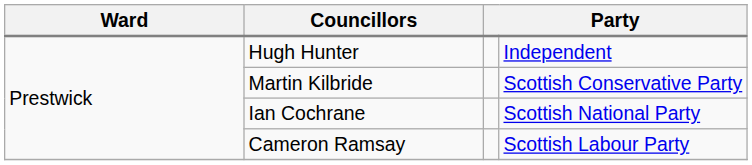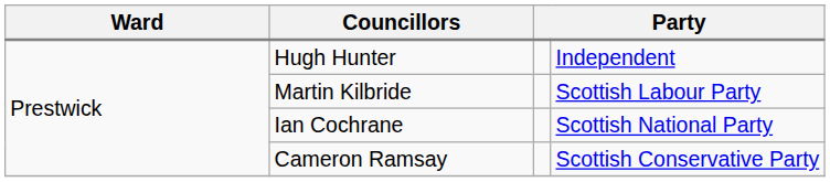 <table class="wikitable" style="font-size: 95%;">
 <tr style="background-color:#E9E9E9; border-bottom: 2px solid gray;">
 <th width="180"><strong>Ward</strong></th>
 <th width="180"><strong>Councillors</strong></th>
 <th colspan=2 width="120">Party</th>
 </tr>
 <tr>
 <td rowspan=4>Prestwick</td>
 <td>Hugh Hunter</td>
 <td width="5"></td>
 <td><a href='#'>Independent</a></td>
 </tr>
 <tr>
 <td>Martin Kilbride</td>
 <td width="5"></td>
-<td><a href='#'>Scottish Conservative Party</a></td>
+<td><a href='#'>Scottish Labour Party</a></td>
 </tr>
 <tr>
 <td>Ian Cochrane</td>
 <td width="5"></td>
 <td><a href='#'>Scottish National Party</a></td>
 </tr>
 <tr>
 <td>Cameron Ramsay <br></td>
 <td width="5"></td>
-<td><a href='#'>Scottish Labour Party</a></td>
+<td><a href='#'>Scottish Conservative Party</a></td>
 </tr>
 <tr>
 </tr>
 </table>
